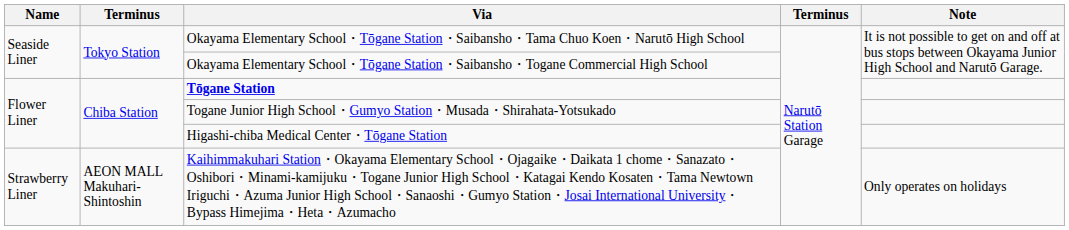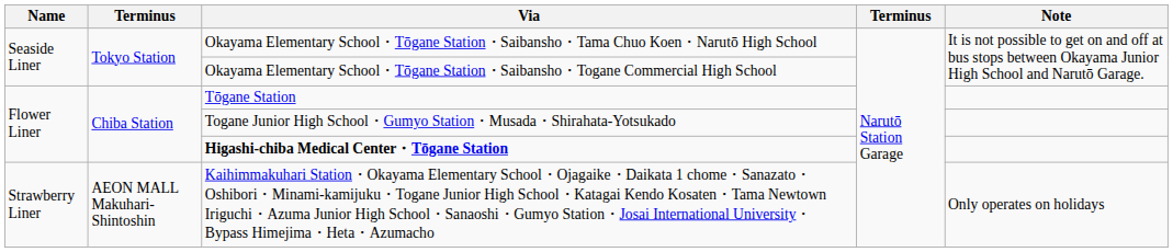 <table class="wikitable">
 <tr>
 <th>Name</th>
 <th>Terminus</th>
 <th>Via</th>
 <th>Terminus</th>
 <th>Note</th>
 </tr>
 <tr>
 <td rowspan="2">Seaside Liner</td>
 <td rowspan="2"><a href='#'>Tokyo Station</a></td>
 <td>Okayama Elementary School・<a href='#'>Tōgane Station</a>・Saibansho・Tama Chuo Koen・Narutō High School</td>
 <td rowspan="6"><a href='#'>Narutō Station</a> Garage</td>
 <td rowspan="2">It is not possible to get on and off at bus stops between Okayama Junior High School and Narutō Garage.</td>
 </tr>
 <tr>
 <td>Okayama Elementary School・<a href='#'>Tōgane Station</a>・Saibansho・Togane Commercial High School</td>
 </tr>
 <tr>
 <td rowspan="3">Flower Liner</td>
 <td rowspan="3"><a href='#'>Chiba Station</a></td>
-<td><strong><a href='#'>Tōgane Station</a></strong></td>
+<td><a href='#'>Tōgane Station</a></td>
 <td></td>
 </tr>
 <tr>
 <td>Togane Junior High School・<a href='#'>Gumyo Station</a>・Musada・Shirahata-Yotsukado</td>
 <td></td>
 </tr>
 <tr>
-<td>Higashi-chiba Medical Center・<a href='#'>Tōgane Station</a></td>
+<td><strong>Higashi-chiba Medical Center・<a href='#'>Tōgane Station</a></strong></td>
 <td></td>
 </tr>
 <tr>
 <td>Strawberry Liner</td>
 <td>AEON MALL Makuhari-Shintoshin</td>
 <td><a href='#'>Kaihimmakuhari Station</a>・Okayama Elementary School・Ojagaike・Daikata 1 chome・Sanazato・Oshibori・Minami-kamijuku・Togane Junior High School・Katagai Kendo Kosaten・Tama Newtown Iriguchi・Azuma Junior High School・Sanaoshi・Gumyo Station・<a href='#'>Josai International University</a>・Bypass Himejima・Heta・Azumacho</td>
 <td>Only operates on holidays</td>
 </tr>
 </table>
